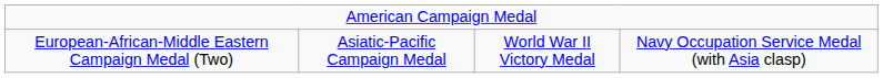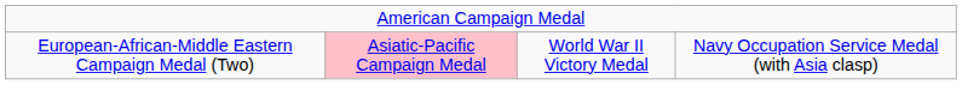 <table class="wikitable" style="margin:1em auto; text-align:center;">
 <tr>
 <td colspan=4><a href='#'>American Campaign Medal</a></td>
 </tr>
 <tr>
 <td><a href='#'>European-African-Middle Eastern Campaign Medal</a> (Two)</td>
-<td><a href='#'>Asiatic-Pacific Campaign Medal</a></td>
+<td style="background: pink;"><a href='#'>Asiatic-Pacific Campaign Medal</a></td>
 <td><a href='#'>World War II Victory Medal</a></td>
 <td><a href='#'>Navy Occupation Service Medal</a> (with <a href='#'>Asia</a> clasp)</td>
 </tr>
 </table>
